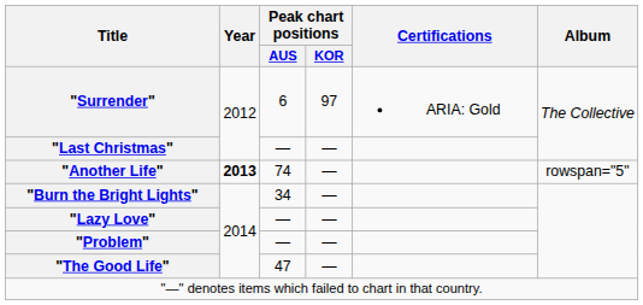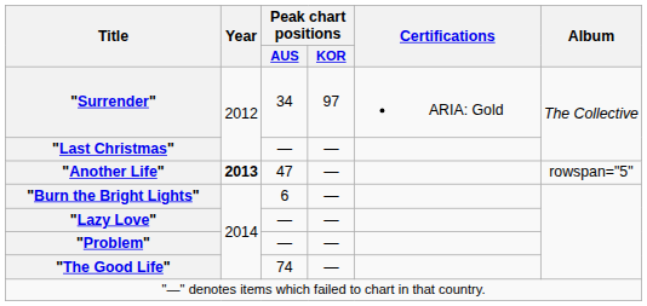 <table class="wikitable plainrowheaders" style="text-align:center;" border="1">
 <tr>
 <th scope="col" rowspan="2" style="width:14em;">Title</th>
 <th scope="col" rowspan="2">Year</th>
 <th scope="col" colspan="2">Peak chart positions</th>
 <th scope="col" rowspan="2" style="width:12em;"><a href='#'>Certifications</a></th>
 <th scope="col" rowspan="2">Album</th>
 </tr>
 <tr>
 <th scope="col" style="width:3em;font-size:90%;"><a href='#'>AUS</a><br></th>
 <th scope="col" style="width:3em;font-size:90%;"><a href='#'>KOR</a><br></th>
 </tr>
 <tr>
 <th scope="row">"<a href='#'>Surrender</a>"</th>
 <td rowspan="2">2012</td>
-<td>6</td>
+<td>34</td>
 <td>97</td>
 <td><br><ul><li>ARIA: Gold</li></ul></td>
 <td rowspan="2"><em>The Collective</em></td>
 </tr>
 <tr>
 <th scope="row">"<a href='#'>Last Christmas</a>"</th>
 <td>—</td>
 <td>—</td>
 <td></td>
 </tr>
 <tr>
 <th scope="row">"<a href='#'>Another Life</a>"</th>
 <td><strong>2013</strong></td>
-<td>74</td>
+<td>47</td>
 <td>—</td>
 <td></td>
 <td>rowspan="5" </td>
 </tr>
 <tr>
 <th scope="row">"<a href='#'>Burn the Bright Lights</a>"</th>
 <td rowspan="4">2014</td>
-<td>34</td>
+<td>6</td>
 <td>—</td>
 <td></td>
 </tr>
 <tr>
 <th scope="row">"<a href='#'>Lazy Love</a>"</th>
 <td>—</td>
 <td>—</td>
 <td></td>
 </tr>
 <tr>
 <th scope="row">"<a href='#'>Problem</a>"</th>
 <td>—</td>
 <td>—</td>
 <td></td>
 </tr>
 <tr>
 <th scope="row">"<a href='#'>The Good Life</a>"</th>
-<td>47</td>
+<td>74</td>
 <td>—</td>
 <td></td>
 </tr>
 <tr>
 <td colspan="6" style="font-size:90%">"—" denotes items which failed to chart in that country.</td>
 </tr>
 </table>
